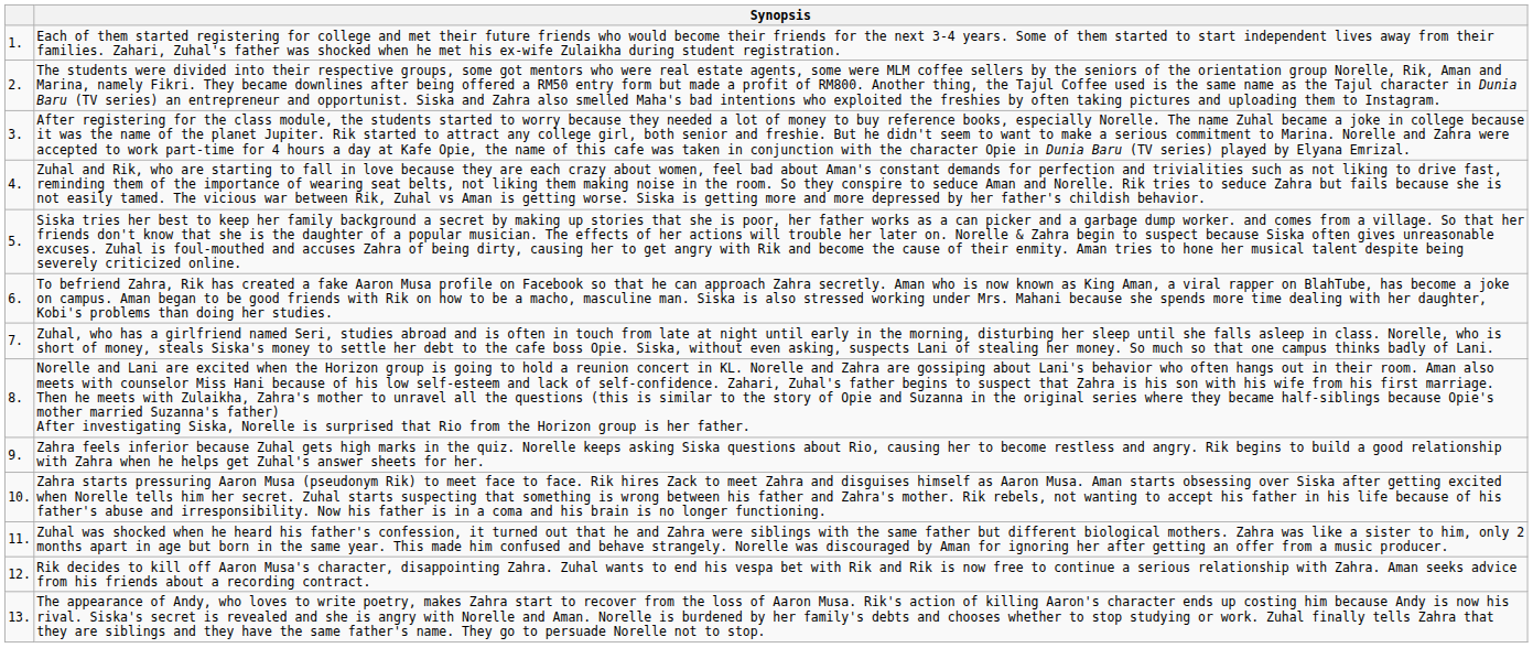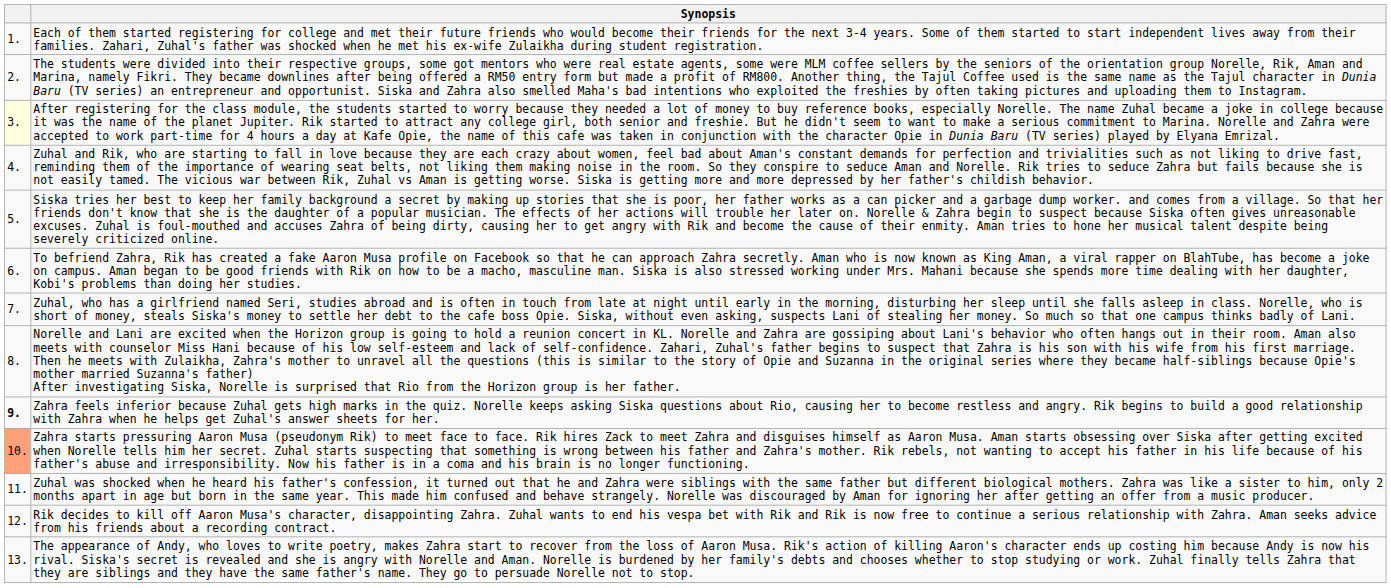 <table class="wikitable">
 <tr>
 <th></th>
 <th>Synopsis</th>
 </tr>
 <tr>
 <td>1.</td>
 <td>Each of them started registering for college and met their future friends who would become their friends for the next 3-4 years. Some of them started to start independent lives away from their families. Zahari, Zuhal's father was shocked when he met his ex-wife Zulaikha during student registration.</td>
 </tr>
 <tr>
 <td>2.</td>
 <td>The students were divided into their respective groups, some got mentors who were real estate agents, some were MLM coffee sellers by the seniors of the orientation group Norelle, Rik, Aman and Marina, namely Fikri. They became downlines after being offered a RM50 entry form but made a profit of RM800. Another thing, the Tajul Coffee used is the same name as the Tajul character in <em>Dunia Baru</em> (TV series) an entrepreneur and opportunist. Siska and Zahra also smelled Maha's bad intentions who exploited the freshies by often taking pictures and uploading them to Instagram.</td>
 </tr>
 <tr>
-<td>3.</td>
+<td style="background: lightyellow;">3.</td>
 <td>After registering for the class module, the students started to worry because they needed a lot of money to buy reference books, especially Norelle. The name Zuhal became a joke in college because it was the name of the planet Jupiter. Rik started to attract any college girl, both senior and freshie. But he didn't seem to want to make a serious commitment to Marina. Norelle and Zahra were accepted to work part-time for 4 hours a day at Kafe Opie, the name of this cafe was taken in conjunction with the character Opie in <em>Dunia Baru</em> (TV series) played by Elyana Emrizal.</td>
 </tr>
 <tr>
 <td>4.</td>
 <td>Zuhal and Rik, who are starting to fall in love because they are each crazy about women, feel bad about Aman's constant demands for perfection and trivialities such as not liking to drive fast, reminding them of the importance of wearing seat belts, not liking them making noise in the room. So they conspire to seduce Aman and Norelle. Rik tries to seduce Zahra but fails because she is not easily tamed. The vicious war between Rik, Zuhal vs Aman is getting worse. Siska is getting more and more depressed by her father's childish behavior.</td>
 </tr>
 <tr>
 <td>5.</td>
 <td>Siska tries her best to keep her family background a secret by making up stories that she is poor, her father works as a can picker and a garbage dump worker. and comes from a village. So that her friends don't know that she is the daughter of a popular musician. The effects of her actions will trouble her later on. Norelle & Zahra begin to suspect because Siska often gives unreasonable excuses. Zuhal is foul-mouthed and accuses Zahra of being dirty, causing her to get angry with Rik and become the cause of their enmity. Aman tries to hone her musical talent despite being severely criticized online.</td>
 </tr>
 <tr>
 <td>6.</td>
 <td>To befriend Zahra, Rik has created a fake Aaron Musa profile on Facebook so that he can approach Zahra secretly. Aman who is now known as King Aman, a viral rapper on BlahTube, has become a joke on campus. Aman began to be good friends with Rik on how to be a macho, masculine man. Siska is also stressed working under Mrs. Mahani because she spends more time dealing with her daughter, Kobi's problems than doing her studies.</td>
 </tr>
 <tr>
 <td>7.</td>
 <td>Zuhal, who has a girlfriend named Seri, studies abroad and is often in touch from late at night until early in the morning, disturbing her sleep until she falls asleep in class. Norelle, who is short of money, steals Siska's money to settle her debt to the cafe boss Opie. Siska, without even asking, suspects Lani of stealing her money. So much so that one campus thinks badly of Lani.</td>
 </tr>
 <tr>
 <td>8.</td>
 <td>Norelle and Lani are excited when the Horizon group is going to hold a reunion concert in KL. Norelle and Zahra are gossiping about Lani's behavior who often hangs out in their room. Aman also meets with counselor Miss Hani because of his low self-esteem and lack of self-confidence. Zahari, Zuhal's father begins to suspect that Zahra is his son with his wife from his first marriage. Then he meets with Zulaikha, Zahra's mother to unravel all the questions (this is similar to the story of Opie and Suzanna in the original series where they became half-siblings because Opie's mother married Suzanna's father)<br>After investigating Siska, Norelle is surprised that Rio from the Horizon group is her father.</td>
 </tr>
 <tr>
-<td>9.</td>
+<td><strong>9.</strong></td>
 <td>Zahra feels inferior because Zuhal gets high marks in the quiz. Norelle keeps asking Siska questions about Rio, causing her to become restless and angry. Rik begins to build a good relationship with Zahra when he helps get Zuhal's answer sheets for her.</td>
 </tr>
 <tr>
-<td>10.</td>
+<td style="background: lightsalmon;">10.</td>
 <td>Zahra starts pressuring Aaron Musa (pseudonym Rik) to meet face to face. Rik hires Zack to meet Zahra and disguises himself as Aaron Musa. Aman starts obsessing over Siska after getting excited when Norelle tells him her secret. Zuhal starts suspecting that something is wrong between his father and Zahra's mother. Rik rebels, not wanting to accept his father in his life because of his father's abuse and irresponsibility. Now his father is in a coma and his brain is no longer functioning.</td>
 </tr>
 <tr>
 <td>11.</td>
 <td>Zuhal was shocked when he heard his father's confession, it turned out that he and Zahra were siblings with the same father but different biological mothers. Zahra was like a sister to him, only 2 months apart in age but born in the same year. This made him confused and behave strangely. Norelle was discouraged by Aman for ignoring her after getting an offer from a music producer.</td>
 </tr>
 <tr>
 <td>12.</td>
 <td>Rik decides to kill off Aaron Musa's character, disappointing Zahra. Zuhal wants to end his vespa bet with Rik and Rik is now free to continue a serious relationship with Zahra. Aman seeks advice from his friends about a recording contract.</td>
 </tr>
 <tr>
 <td>13.</td>
 <td>The appearance of Andy, who loves to write poetry, makes Zahra start to recover from the loss of Aaron Musa. Rik's action of killing Aaron's character ends up costing him because Andy is now his rival. Siska's secret is revealed and she is angry with Norelle and Aman. Norelle is burdened by her family's debts and chooses whether to stop studying or work. Zuhal finally tells Zahra that they are siblings and they have the same father's name. They go to persuade Norelle not to stop.</td>
 </tr>
 </table>
